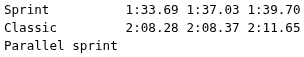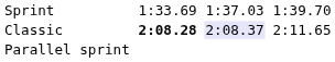 <table>
 <tr>
 <td>Sprint</td>
 <td></td>
 <td>1:33.69</td>
 <td></td>
 <td>1:37.03</td>
 <td></td>
 <td>1:39.70</td>
 </tr>
 <tr>
 <td>Classic</td>
 <td></td>
-<td>2:08.28</td>
+<td><strong>2:08.28</strong></td>
 <td></td>
-<td>2:08.37</td>
+<td style="background: lavender;">2:08.37</td>
 <td></td>
 <td>2:11.65</td>
 </tr>
 <tr>
 <td>Parallel sprint</td>
 <td colspan="2"></td>
 <td colspan="2"></td>
 <td colspan="2"></td>
 </tr>
 </table>
